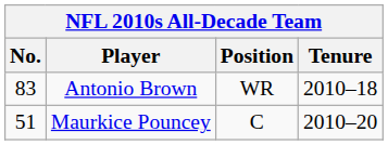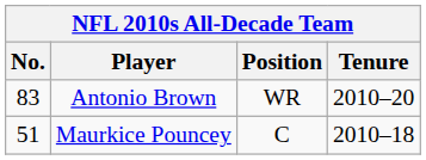 <table class="wikitable" style="text-align:center">
 <tr>
 <th colspan="4"><a href='#'><span>NFL 2010s All-Decade Team</span></a></th>
 </tr>
 <tr>
 <th>No.</th>
 <th>Player</th>
 <th>Position</th>
 <th>Tenure</th>
 </tr>
 <tr>
 <td>83</td>
 <td><a href='#'>Antonio Brown</a></td>
 <td>WR</td>
-<td>2010–18</td>
+<td>2010–20</td>
 </tr>
 <tr>
 <td>51</td>
 <td><a href='#'>Maurkice Pouncey</a></td>
 <td>C</td>
-<td>2010–20</td>
+<td>2010–18</td>
 </tr>
 </table>
